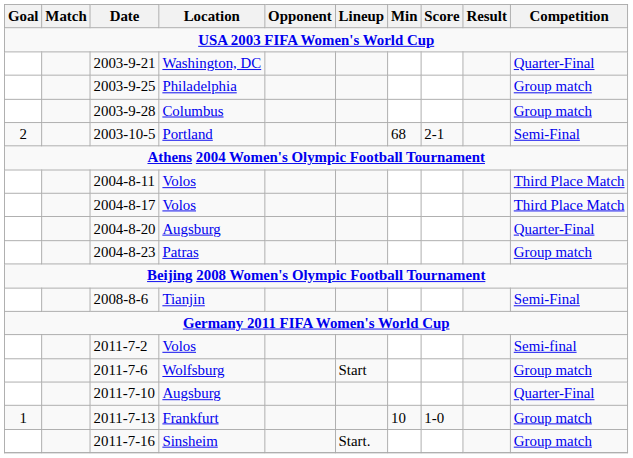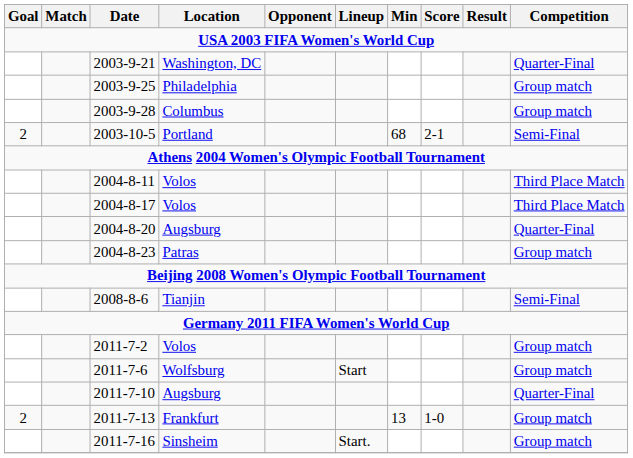 <table class="wikitable collapsible" style="fontsize:90%;">
 <tr>
 <th>Goal</th>
 <th>Match</th>
 <th>Date</th>
 <th>Location</th>
 <th>Opponent</th>
 <th>Lineup</th>
 <th>Min</th>
 <th>Score</th>
 <th>Result</th>
 <th>Competition</th>
 </tr>
 <tr>
 <td colspan=10 align=center > <strong><a href='#'>USA 2003 FIFA Women's World Cup</a></strong></td>
 </tr>
 <tr>
 <td style="background:white;"></td>
 <td></td>
 <td>2003-9-21</td>
 <td><a href='#'>Washington, DC</a></td>
 <td></td>
 <td></td>
 <td style="background:white;"></td>
 <td style="background:white;"></td>
 <td></td>
 <td><a href='#'>Quarter-Final</a></td>
 </tr>
 <tr>
 <td style="background:white;"></td>
 <td></td>
 <td>2003-9-25</td>
 <td><a href='#'>Philadelphia</a></td>
 <td></td>
 <td></td>
 <td style="background:white;"></td>
 <td style="background:white;"></td>
 <td></td>
 <td><a href='#'>Group match</a></td>
 </tr>
 <tr>
 <td style="background:white;"></td>
 <td></td>
 <td>2003-9-28</td>
 <td><a href='#'>Columbus</a></td>
 <td></td>
 <td></td>
 <td style="background:white;"></td>
 <td style="background:white;"></td>
 <td></td>
 <td><a href='#'>Group match</a></td>
 </tr>
 <tr>
 <td align=center>2</td>
 <td></td>
 <td>2003-10-5</td>
 <td><a href='#'>Portland</a></td>
 <td></td>
 <td></td>
 <td>68</td>
 <td>2-1</td>
 <td></td>
 <td><a href='#'>Semi-Final</a></td>
 </tr>
 <tr>
 <td colspan=10 align=center ><strong><a href='#'>Athens</a> <a href='#'>2004 Women's Olympic Football Tournament</a></strong></td>
 </tr>
 <tr>
 <td style="background:white;"></td>
 <td></td>
 <td>2004-8-11</td>
 <td><a href='#'>Volos</a></td>
 <td></td>
 <td></td>
 <td style="background:white;"></td>
 <td style="background:white;"></td>
 <td></td>
 <td><a href='#'>Third Place Match</a></td>
 </tr>
 <tr>
 <td style="background:white;"></td>
 <td></td>
 <td>2004-8-17</td>
 <td><a href='#'>Volos</a></td>
 <td></td>
 <td></td>
 <td style="background:white;"></td>
 <td style="background:white;"></td>
 <td></td>
 <td><a href='#'>Third Place Match</a></td>
 </tr>
 <tr>
 <td style="background:white;"></td>
 <td></td>
 <td>2004-8-20</td>
 <td><a href='#'>Augsburg</a></td>
 <td></td>
 <td></td>
 <td style="background:white;"></td>
 <td style="background:white;"></td>
 <td></td>
 <td><a href='#'>Quarter-Final</a></td>
 </tr>
 <tr>
 <td style="background:white;"></td>
 <td></td>
 <td>2004-8-23</td>
 <td><a href='#'>Patras</a></td>
 <td></td>
 <td></td>
 <td style="background:white;"></td>
 <td style="background:white;"></td>
 <td></td>
 <td><a href='#'>Group match</a></td>
 </tr>
 <tr>
 <td colspan=10 align=center ><strong><a href='#'>Beijing</a> <a href='#'>2008 Women's Olympic Football Tournament</a></strong></td>
 </tr>
 <tr>
 <td style="background:white;"></td>
 <td></td>
 <td>2008-8-6</td>
 <td><a href='#'>Tianjin</a></td>
 <td></td>
 <td></td>
 <td style="background:white;"></td>
 <td style="background:white;"></td>
 <td></td>
 <td><a href='#'>Semi-Final</a></td>
 </tr>
 <tr>
 <td colspan=10 align=center > <strong><a href='#'>Germany 2011 FIFA Women's World Cup</a></strong></td>
 </tr>
 <tr>
 <td style="background:white;"></td>
 <td></td>
 <td>2011-7-2</td>
 <td><a href='#'>Volos</a></td>
 <td></td>
 <td></td>
 <td style="background:white;"></td>
 <td style="background:white;"></td>
 <td></td>
-<td><a href='#'>Semi-final</a></td>
+<td><a href='#'>Group match</a></td>
 </tr>
 <tr>
 <td style="background:white;"></td>
 <td></td>
 <td>2011-7-6</td>
 <td><a href='#'>Wolfsburg</a></td>
 <td></td>
 <td>Start</td>
 <td style="background:white;"></td>
 <td style="background:white;"></td>
 <td></td>
 <td><a href='#'>Group match</a></td>
 </tr>
 <tr>
 <td style="background:white;"></td>
 <td></td>
 <td>2011-7-10</td>
 <td><a href='#'>Augsburg</a></td>
 <td></td>
 <td></td>
 <td style="background:white;"></td>
 <td style="background:white;"></td>
 <td></td>
 <td><a href='#'>Quarter-Final</a></td>
 </tr>
 <tr>
-<td align=center>1</td>
+<td align=center>2</td>
 <td></td>
 <td>2011-7-13</td>
 <td><a href='#'>Frankfurt</a></td>
 <td></td>
 <td></td>
-<td>10</td>
+<td>13</td>
 <td>1-0</td>
 <td></td>
 <td><a href='#'>Group match</a></td>
 </tr>
 <tr>
 <td style="background:white;"></td>
 <td></td>
 <td>2011-7-16</td>
 <td><a href='#'>Sinsheim</a></td>
 <td></td>
 <td>Start.</td>
 <td style="background:white;"></td>
 <td style="background:white;"></td>
 <td></td>
 <td><a href='#'>Group match</a></td>
 </tr>
 <tr>
 </tr>
 </table>
